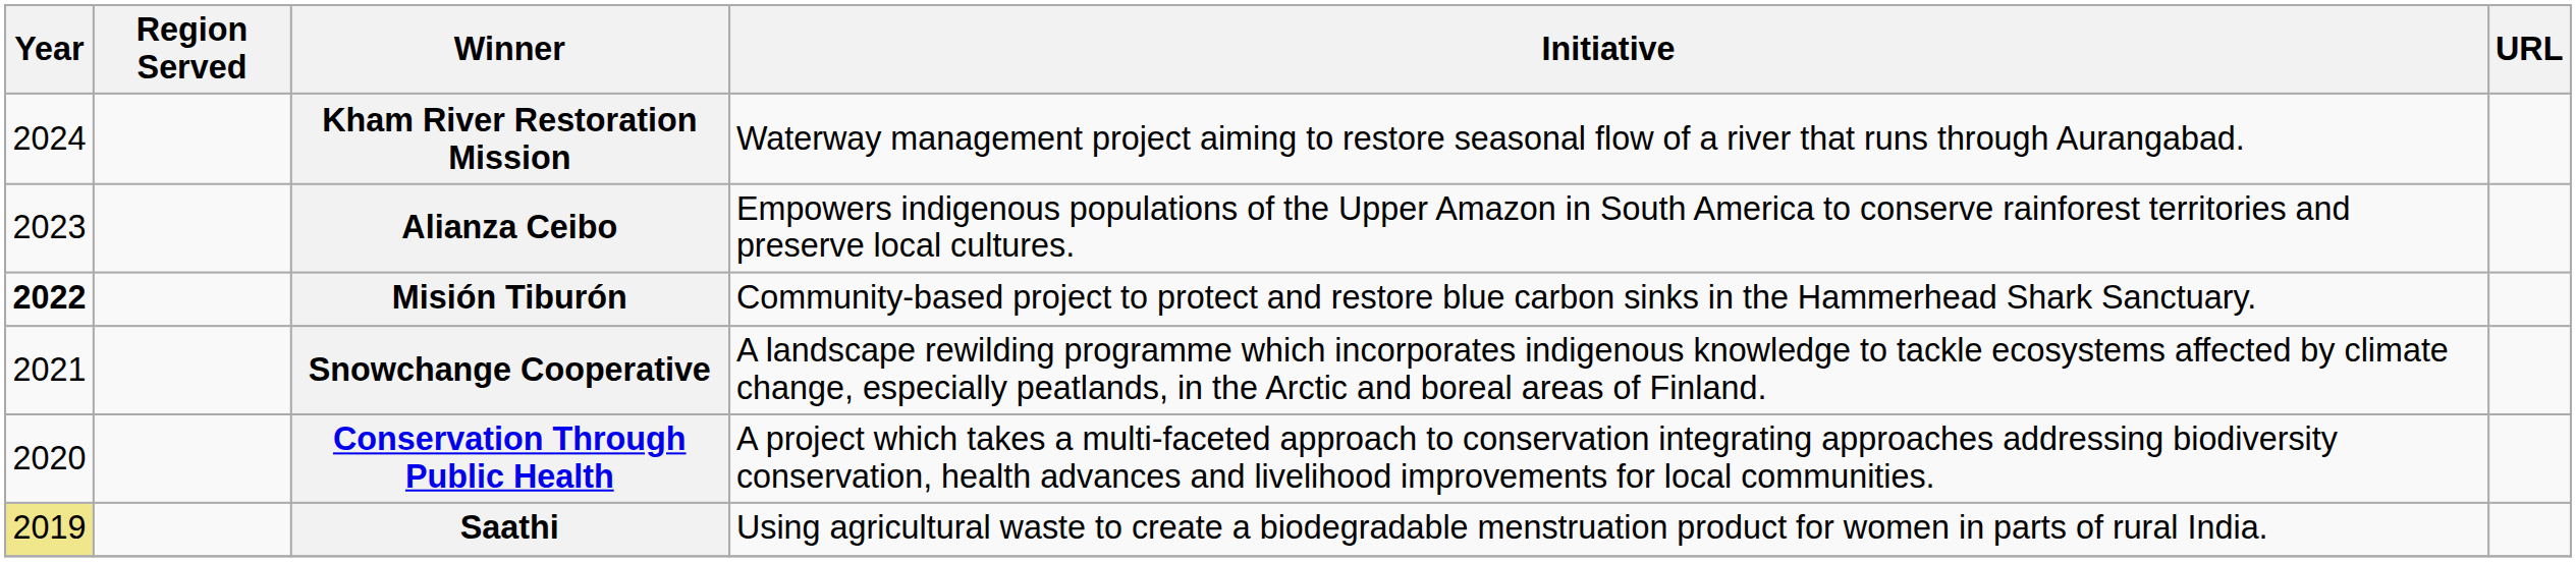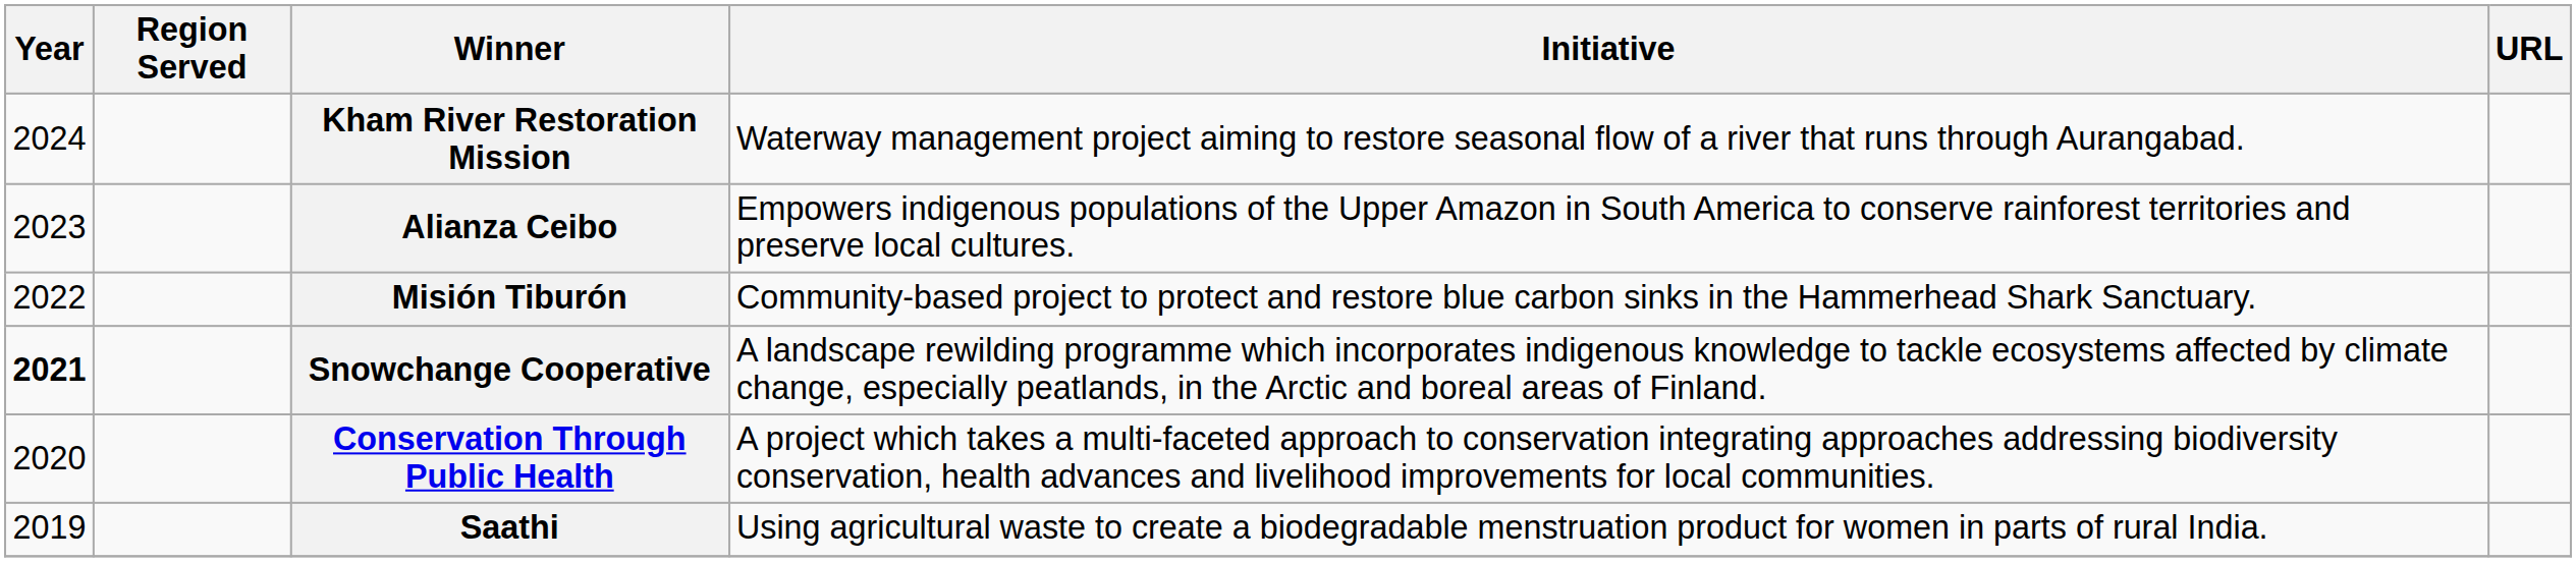 <table class="wikitable sortable">
 <tr>
 <th>Year</th>
 <th>Region Served</th>
 <th>Winner</th>
 <th>Initiative</th>
 <th>URL</th>
 </tr>
 <tr>
 <td>2024</td>
 <td></td>
 <th>Kham River Restoration Mission</th>
 <td>Waterway management project aiming to restore seasonal flow of a river that runs through Aurangabad.</td>
 <td></td>
 </tr>
 <tr>
 <td>2023</td>
 <td></td>
 <th>Alianza Ceibo</th>
 <td>Empowers indigenous populations of the Upper Amazon in South America to conserve rainforest territories and preserve local cultures.</td>
 <td></td>
 </tr>
 <tr>
-<td><strong>2022</strong></td>
+<td>2022</td>
 <td></td>
 <th>Misión Tiburón</th>
 <td>Community-based project to protect and restore blue carbon sinks in the Hammerhead Shark Sanctuary.</td>
 <td></td>
 </tr>
 <tr>
-<td>2021</td>
+<td><strong>2021</strong></td>
 <td></td>
 <th>Snowchange Cooperative</th>
 <td>A landscape rewilding programme which incorporates indigenous knowledge to tackle ecosystems affected by climate change, especially peatlands, in the Arctic and boreal areas of Finland.</td>
 <td></td>
 </tr>
 <tr>
 <td>2020</td>
 <td></td>
 <th><a href='#'>Conservation Through Public Health</a></th>
 <td>A project which takes a multi-faceted approach to conservation integrating approaches addressing biodiversity conservation, health advances and livelihood improvements for local communities.</td>
 <td></td>
 </tr>
 <tr>
-<td style="background: khaki;">2019</td>
+<td>2019</td>
 <td></td>
 <th>Saathi</th>
 <td>Using agricultural waste to create a biodegradable menstruation product for women in parts of rural India.</td>
 <td></td>
 </tr>
 <tr>
 </tr>
 </table>
